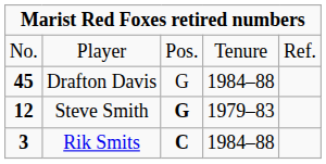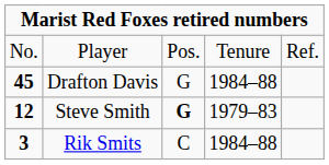 <table class="wikitable" style=text-align:center>
 <tr>
 <td colspan=6 style= ><strong>Marist Red Foxes retired numbers</strong></td>
 </tr>
 <tr>
 <td style= >No.</td>
 <td style= >Player</td>
 <td style= >Pos.</td>
 <td style= >Tenure</td>
 <td style= >Ref.</td>
 </tr>
 <tr>
 <td><strong>45</strong></td>
 <td>Drafton Davis</td>
 <td>G</td>
 <td>1984–88</td>
 <td></td>
 </tr>
 <tr>
 <td><strong>12</strong></td>
 <td>Steve Smith</td>
 <td><strong>G</strong></td>
 <td>1979–83</td>
 <td></td>
 </tr>
 <tr>
 <td><strong>3</strong></td>
 <td><a href='#'>Rik Smits</a></td>
-<td><strong>C</strong></td>
+<td>C</td>
 <td>1984–88</td>
 <td></td>
 </tr>
 </table>
